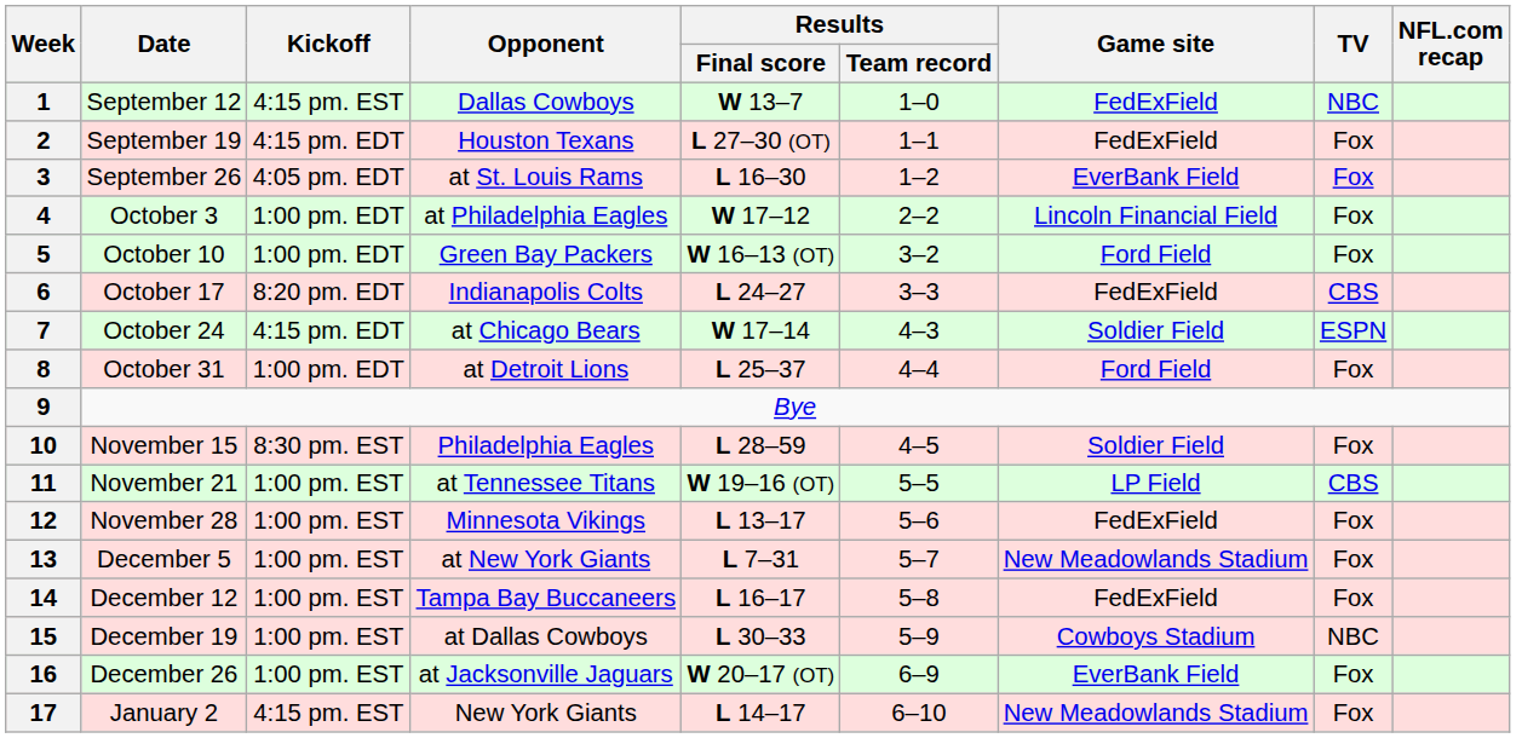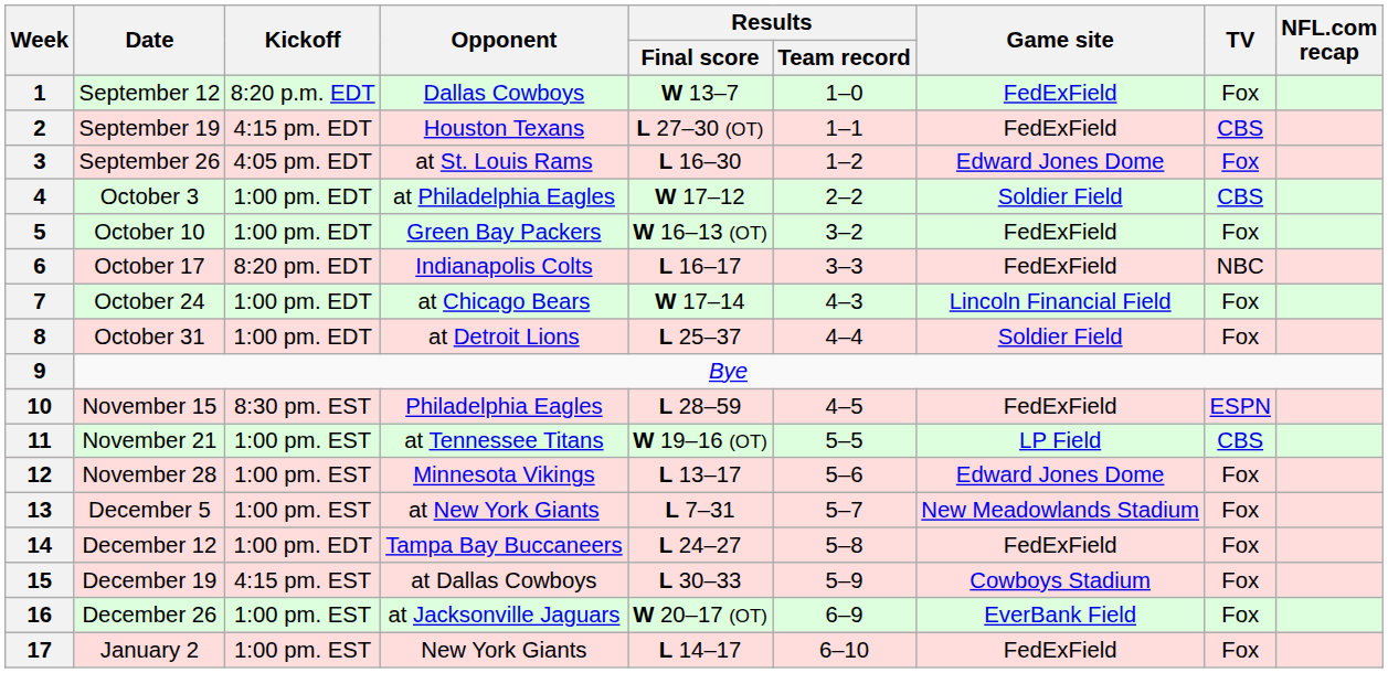 <table class="wikitable" align="center" style="font-size: 92%">
 <tr>
 <th rowspan="2">Week</th>
 <th rowspan="2">Date</th>
 <th rowspan="2">Kickoff</th>
 <th rowspan="2">Opponent</th>
 <th colspan="2">Results</th>
 <th rowspan="2">Game site</th>
 <th rowspan="2">TV</th>
 <th rowspan="2">NFL.com<br>recap</th>
 </tr>
 <tr>
 <th>Final score</th>
 <th>Team record</th>
 </tr>
 <tr style="background:#dfd;">
 <th>1</th>
 <td style="text-align:center;">September 12</td>
-<td style="text-align:center;">4:15 pm. EST</td>
+<td style="text-align:center;">8:20 p.m. <a href='#'>EDT</a></td>
 <td style="text-align:center;"><a href='#'>Dallas Cowboys</a></td>
 <td style="text-align:center;"><strong>W</strong> 13–7</td>
 <td style="text-align:center;">1–0</td>
 <td style="text-align:center;"><a href='#'>FedExField</a></td>
-<td style="text-align:center;"><a href='#'>NBC</a></td>
+<td style="text-align:center;">Fox</td>
 <td style="text-align:center;"></td>
 </tr>
 <tr style="background:#fdd;">
 <th>2</th>
 <td style="text-align:center;">September 19</td>
 <td style="text-align:center;">4:15 pm. EDT</td>
 <td style="text-align:center;"><a href='#'>Houston Texans</a></td>
 <td style="text-align:center;"><strong>L</strong> 27–30 <small>(OT)</small></td>
 <td style="text-align:center;">1–1</td>
 <td style="text-align:center;">FedExField</td>
-<td style="text-align:center;">Fox</td>
+<td style="text-align:center;"><a href='#'>CBS</a></td>
 <td style="text-align:center;"></td>
 </tr>
 <tr style="background:#fdd;">
 <th>3</th>
 <td style="text-align:center;">September 26</td>
 <td style="text-align:center;">4:05 pm. EDT</td>
 <td style="text-align:center;">at <a href='#'>St. Louis Rams</a></td>
 <td style="text-align:center;"><strong>L</strong> 16–30</td>
 <td style="text-align:center;">1–2</td>
-<td style="text-align:center;"><a href='#'>EverBank Field</a></td>
+<td style="text-align:center;"><a href='#'>Edward Jones Dome</a></td>
 <td style="text-align:center;"><a href='#'>Fox</a></td>
 <td style="text-align:center;"></td>
 </tr>
 <tr style="background:#dfd;">
 <th>4</th>
 <td style="text-align:center;">October 3</td>
 <td style="text-align:center;">1:00 pm. EDT</td>
 <td style="text-align:center;">at <a href='#'>Philadelphia Eagles</a></td>
 <td style="text-align:center;"><strong>W</strong> 17–12</td>
 <td style="text-align:center;">2–2</td>
-<td style="text-align:center;"><a href='#'>Lincoln Financial Field</a></td>
-<td style="text-align:center;">Fox</td>
+<td style="text-align:center;"><a href='#'>Soldier Field</a></td>
+<td style="text-align:center;"><a href='#'>CBS</a></td>
 <td style="text-align:center;"></td>
 </tr>
 <tr style="background:#dfd;">
 <th>5</th>
 <td style="text-align:center;">October 10</td>
 <td style="text-align:center;">1:00 pm. EDT</td>
 <td style="text-align:center;"><a href='#'>Green Bay Packers</a></td>
 <td style="text-align:center;"><strong>W</strong> 16–13 <small>(OT)</small></td>
 <td style="text-align:center;">3–2</td>
-<td style="text-align:center;"><a href='#'>Ford Field</a></td>
+<td style="text-align:center;">FedExField</td>
 <td style="text-align:center;">Fox</td>
 <td style="text-align:center;"></td>
 </tr>
 <tr style="background:#fdd;">
 <th>6</th>
 <td style="text-align:center;">October 17</td>
 <td style="text-align:center;">8:20 pm. EDT</td>
 <td style="text-align:center;"><a href='#'>Indianapolis Colts</a></td>
-<td style="text-align:center;"><strong>L</strong> 24–27</td>
+<td style="text-align:center;"><strong>L</strong> 16–17</td>
 <td style="text-align:center;">3–3</td>
 <td style="text-align:center;">FedExField</td>
-<td style="text-align:center;"><a href='#'>CBS</a></td>
+<td style="text-align:center;">NBC</td>
 <td style="text-align:center;"></td>
 </tr>
 <tr style="background:#dfd;">
 <th>7</th>
 <td style="text-align:center;">October 24</td>
-<td style="text-align:center;">4:15 pm. EDT</td>
+<td style="text-align:center;">1:00 pm. EDT</td>
 <td style="text-align:center;">at <a href='#'>Chicago Bears</a></td>
 <td style="text-align:center;"><strong>W</strong> 17–14</td>
 <td style="text-align:center;">4–3</td>
-<td style="text-align:center;"><a href='#'>Soldier Field</a></td>
-<td style="text-align:center;"><a href='#'>ESPN</a></td>
+<td style="text-align:center;"><a href='#'>Lincoln Financial Field</a></td>
+<td style="text-align:center;">Fox</td>
 <td style="text-align:center;"></td>
 </tr>
 <tr style="background:#fdd;">
 <th>8</th>
 <td style="text-align:center;">October 31</td>
 <td style="text-align:center;">1:00 pm. EDT</td>
 <td style="text-align:center;">at <a href='#'>Detroit Lions</a></td>
 <td style="text-align:center;"><strong>L</strong> 25–37</td>
 <td style="text-align:center;">4–4</td>
-<td style="text-align:center;"><a href='#'>Ford Field</a></td>
+<td style="text-align:center;"><a href='#'>Soldier Field</a></td>
 <td style="text-align:center;">Fox</td>
 <td style="text-align:center;"><br></td>
 </tr>
 <tr style="background:#">
 <th>9</th>
 <td colspan="8" style="text-align:center;"><em><a href='#'>Bye</a></em></td>
 </tr>
 <tr style="background:#fdd;">
 <th>10</th>
 <td style="text-align:center;">November 15</td>
 <td style="text-align:center;">8:30 pm. EST</td>
 <td style="text-align:center;"><a href='#'>Philadelphia Eagles</a></td>
 <td style="text-align:center;"><strong>L</strong> 28–59</td>
 <td style="text-align:center;">4–5</td>
-<td style="text-align:center;"><a href='#'>Soldier Field</a></td>
-<td style="text-align:center;">Fox</td>
+<td style="text-align:center;">FedExField</td>
+<td style="text-align:center;"><a href='#'>ESPN</a></td>
 <td style="text-align:center;"></td>
 </tr>
 <tr style="background:#dfd;">
 <th>11</th>
 <td style="text-align:center;">November 21</td>
 <td style="text-align:center;">1:00 pm. EST</td>
 <td style="text-align:center;">at <a href='#'>Tennessee Titans</a></td>
 <td style="text-align:center;"><strong>W</strong> 19–16 <small>(OT)</small></td>
 <td style="text-align:center;">5–5</td>
 <td style="text-align:center;"><a href='#'>LP Field</a></td>
 <td style="text-align:center;"><a href='#'>CBS</a></td>
 <td style="text-align:center;"></td>
 </tr>
 <tr style="background:#fdd;">
 <th>12</th>
 <td style="text-align:center;">November 28</td>
 <td style="text-align:center;">1:00 pm. EST</td>
 <td style="text-align:center;"><a href='#'>Minnesota Vikings</a></td>
 <td style="text-align:center;"><strong>L</strong> 13–17</td>
 <td style="text-align:center;">5–6</td>
-<td style="text-align:center;">FedExField</td>
+<td style="text-align:center;"><a href='#'>Edward Jones Dome</a></td>
 <td style="text-align:center;">Fox</td>
 <td style="text-align:center;"></td>
 </tr>
 <tr style="background:#fdd;">
 <th>13</th>
 <td style="text-align:center;">December 5</td>
 <td style="text-align:center;">1:00 pm. EST</td>
 <td style="text-align:center;">at <a href='#'>New York Giants</a></td>
 <td style="text-align:center;"><strong>L</strong> 7–31</td>
 <td style="text-align:center;">5–7</td>
 <td style="text-align:center;"><a href='#'>New Meadowlands Stadium</a></td>
 <td style="text-align:center;">Fox</td>
 <td style="text-align:center;"></td>
 </tr>
 <tr style="background:#fdd;">
 <th>14</th>
 <td style="text-align:center;">December 12</td>
-<td style="text-align:center;">1:00 pm. EST</td>
+<td style="text-align:center;">1:00 pm. EDT</td>
 <td style="text-align:center;"><a href='#'>Tampa Bay Buccaneers</a></td>
-<td style="text-align:center;"><strong>L</strong> 16–17</td>
+<td style="text-align:center;"><strong>L</strong> 24–27</td>
 <td style="text-align:center;">5–8</td>
 <td style="text-align:center;">FedExField</td>
 <td style="text-align:center;">Fox</td>
 <td style="text-align:center;"></td>
 </tr>
 <tr style="background:#fdd;">
 <th>15</th>
 <td style="text-align:center;">December 19</td>
-<td style="text-align:center;">1:00 pm. EST</td>
+<td style="text-align:center;">4:15 pm. EST</td>
 <td style="text-align:center;">at Dallas Cowboys</td>
 <td style="text-align:center;"><strong>L</strong> 30–33</td>
 <td style="text-align:center;">5–9</td>
 <td style="text-align:center;"><a href='#'>Cowboys Stadium</a></td>
-<td style="text-align:center;">NBC</td>
+<td style="text-align:center;">Fox</td>
 <td style="text-align:center;"></td>
 </tr>
 <tr style="background:#dfd;">
 <th>16</th>
 <td style="text-align:center;">December 26</td>
 <td style="text-align:center;">1:00 pm. EST</td>
 <td style="text-align:center;">at <a href='#'>Jacksonville Jaguars</a></td>
 <td style="text-align:center;"><strong>W</strong> 20–17 <small>(OT)</small></td>
 <td style="text-align:center;">6–9</td>
 <td style="text-align:center;"><a href='#'>EverBank Field</a></td>
 <td style="text-align:center;">Fox</td>
 <td style="text-align:center;"></td>
 </tr>
 <tr style="background:#fdd;">
 <th>17</th>
 <td style="text-align:center;">January 2</td>
-<td style="text-align:center;">4:15 pm. EST</td>
+<td style="text-align:center;">1:00 pm. EST</td>
 <td style="text-align:center;">New York Giants</td>
 <td style="text-align:center;"><strong>L</strong> 14–17</td>
 <td style="text-align:center;">6–10</td>
-<td style="text-align:center;"><a href='#'>New Meadowlands Stadium</a></td>
+<td style="text-align:center;">FedExField</td>
 <td style="text-align:center;">Fox</td>
 <td style="text-align:center;"></td>
 </tr>
 </table>
